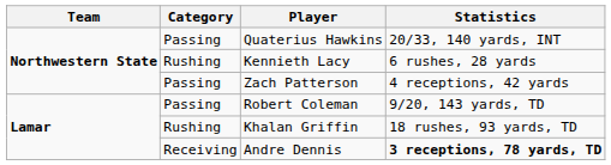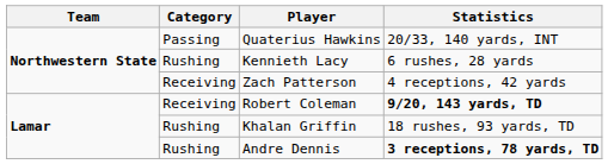 <table class="wikitable" style="float: right;">
 <tr>
 <th>Team</th>
 <th>Category</th>
 <th>Player</th>
 <th>Statistics</th>
 </tr>
 <tr>
 <td rowspan=3><strong>Northwestern State</strong></td>
 <td>Passing</td>
 <td>Quaterius Hawkins</td>
 <td>20/33, 140 yards, INT</td>
 </tr>
 <tr>
 <td>Rushing</td>
 <td>Kennieth Lacy</td>
 <td>6 rushes, 28 yards</td>
 </tr>
 <tr>
-<td>Passing</td>
+<td>Receiving</td>
 <td>Zach Patterson</td>
 <td>4 receptions, 42 yards</td>
 </tr>
 <tr>
 <td rowspan=3><strong>Lamar</strong></td>
-<td>Passing</td>
+<td>Receiving</td>
 <td>Robert Coleman</td>
-<td>9/20, 143 yards, TD</td>
+<td><strong>9/20, 143 yards, TD</strong></td>
 </tr>
 <tr>
 <td>Rushing</td>
 <td>Khalan Griffin</td>
 <td>18 rushes, 93 yards, TD</td>
 </tr>
 <tr>
-<td>Receiving</td>
+<td>Rushing</td>
 <td>Andre Dennis</td>
 <td><strong>3 receptions, 78 yards, TD</strong></td>
 </tr>
 </table>
